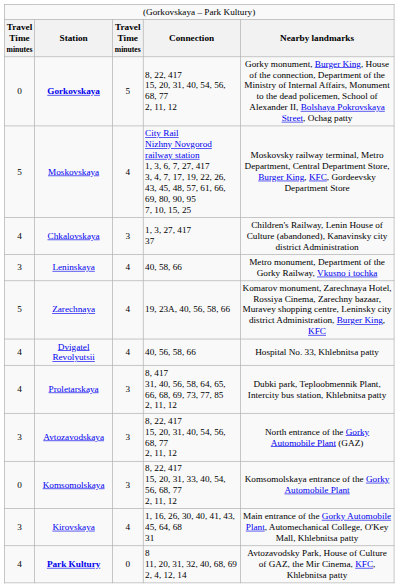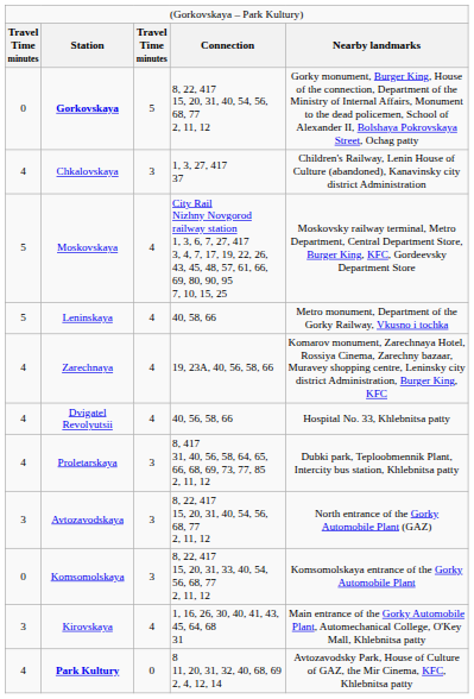 <table class=wikitable style="font-size: 90%; text-align:center">
 <tr>
 <td colspan="5" style="background-color:#"><span>  (Gorkovskaya – Park Kultury)</span></td>
 </tr>
 <tr>
 <th width="5%">Travel Time<br><small>minutes</small></th>
 <th width="20%">Station</th>
 <th width="5%">Travel Time<br><small>minutes</small></th>
 <th width="25%">Connection</th>
 <th>Nearby landmarks</th>
 </tr>
 <tr>
 <td>0</td>
 <td><strong><a href='#'>Gorkovskaya</a></strong></td>
 <td>5</td>
 <td align=left> 8, 22, 417<br> 15, 20, 31, 40, 54, 56, 68, 77<br> 2, 11, 12</td>
 <td>Gorky monument, <a href='#'>Burger King</a>, House of the connection, Department of the Ministry of Internal Affairs, Monument to the dead policemen, School of Alexander II, <a href='#'>Bolshaya Pokrovskaya Street</a>, Ochag patty</td>
 </tr>
 <tr>
+<td>4</td>
+<td><a href='#'>Chkalovskaya</a></td>
+<td>3</td>
+<td align=left> 1, 3, 27, 417<br> 37</td>
+<td>Children's Railway, Lenin House of Culture (abandoned), Kanavinsky city district Administration</td>
+</tr>
+<tr>
 <td>5</td>
 <td><a href='#'>Moskovskaya</a></td>
 <td>4</td>
 <td align=left>  <a href='#'>City Rail</a><br> <a href='#'>Nizhny Novgorod railway station</a><br> 1, 3, 6, 7, 27, 417<br> 3, 4, 7, 17, 19, 22, 26, 43, 45, 48, 57, 61, 66, 69, 80, 90, 95<br> 7, 10, 15, 25</td>
 <td>Moskovsky railway terminal, Metro Department, Central Department Store, <a href='#'>Burger King</a>, <a href='#'>KFC</a>, Gordeevsky Department Store</td>
 </tr>
 <tr>
-<td>4</td>
-<td><a href='#'>Chkalovskaya</a></td>
-<td>3</td>
-<td align=left> 1, 3, 27, 417<br> 37</td>
-<td>Children's Railway, Lenin House of Culture (abandoned), Kanavinsky city district Administration</td>
-</tr>
-<tr>
-<td>3</td>
+<td>5</td>
 <td><a href='#'>Leninskaya</a></td>
 <td>4</td>
 <td align=left> 40, 58, 66</td>
 <td>Metro monument, Department of the Gorky Railway, <a href='#'>Vkusno i tochka</a></td>
 </tr>
 <tr>
-<td>5</td>
+<td>4</td>
 <td><a href='#'>Zarechnaya</a></td>
 <td>4</td>
 <td align=left> 19, 23A, 40, 56, 58, 66</td>
 <td>Komarov monument, Zarechnaya Hotel, Rossiya Cinema, Zarechny bazaar, Muravey shopping centre, Leninsky city district Administration, <a href='#'>Burger King</a>, <a href='#'>KFC</a></td>
 </tr>
 <tr>
 <td>4</td>
 <td><a href='#'>Dvigatel Revolyutsii</a></td>
 <td>4</td>
 <td align=left> 40, 56, 58, 66</td>
 <td>Hospital No. 33, Khlebnitsa patty</td>
 </tr>
 <tr>
 <td>4</td>
 <td><a href='#'>Proletarskaya</a></td>
 <td>3</td>
 <td align=left> 8, 417<br> 31, 40, 56, 58, 64, 65, 66, 68, 69, 73, 77, 85<br> 2, 11, 12</td>
 <td>Dubki park, Teploobmennik Plant, Intercity bus station, Khlebnitsa patty</td>
 </tr>
 <tr>
 <td>3</td>
 <td><a href='#'>Avtozavodskaya</a></td>
 <td>3</td>
 <td align=left> 8, 22, 417<br> 15, 20, 31, 40, 54, 56, 68, 77<br> 2, 11, 12</td>
 <td>North entrance of the <a href='#'>Gorky Automobile Plant</a> (GAZ)</td>
 </tr>
 <tr>
 <td>0</td>
 <td><a href='#'>Komsomolskaya</a></td>
 <td>3</td>
 <td align=left> 8, 22, 417<br> 15, 20, 31, 33, 40, 54, 56, 68, 77<br> 2, 11, 12</td>
 <td>Komsomolskaya entrance of the <a href='#'>Gorky Automobile Plant</a></td>
 </tr>
 <tr>
 <td>3</td>
 <td><a href='#'>Kirovskaya</a></td>
 <td>4</td>
 <td align=left> 1, 16, 26, 30, 40, 41, 43, 45, 64, 68<br> 31</td>
 <td>Main entrance of the <a href='#'>Gorky Automobile Plant</a>, Automechanical College, O'Key Mall, Khlebnitsa patty</td>
 </tr>
 <tr>
 <td>4</td>
 <td><strong><a href='#'>Park Kultury</a></strong></td>
 <td>0</td>
 <td align=left> 8<br> 11, 20, 31, 32, 40, 68, 69<br> 2, 4, 12, 14</td>
 <td>Avtozavodsky Park, House of Culture of GAZ, the Mir Cinema, <a href='#'>KFC</a>, Khlebnitsa patty</td>
 </tr>
 </table>
